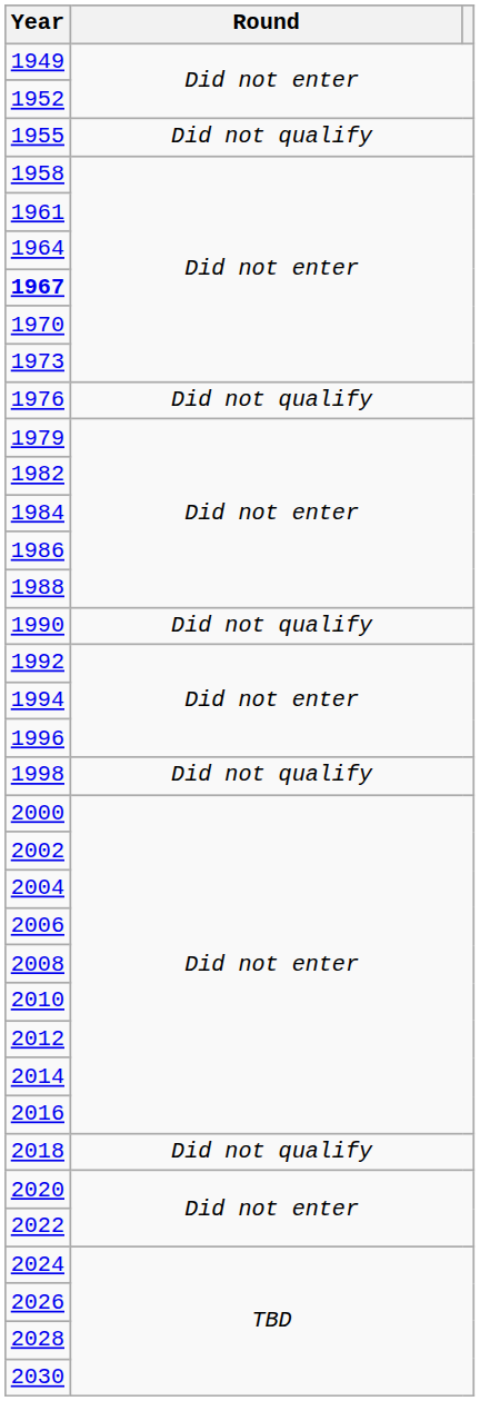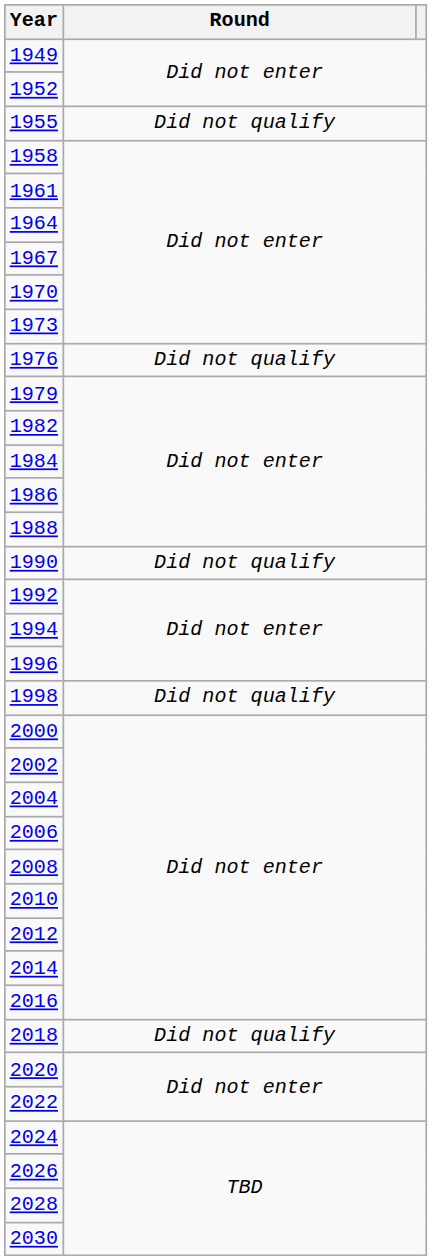 <table class="wikitable" style="text-align: center; font-size:90%">
 <tr>
 <th>Year</th>
 <th style="width:200px">Round</th>
 <th></th>
 </tr>
 <tr>
 <td><a href='#'>1949</a></td>
 <td colspan="2" rowspan="2"><em>Did not enter</em></td>
 </tr>
 <tr>
 <td><a href='#'>1952</a></td>
 </tr>
 <tr>
 <td><a href='#'>1955</a></td>
 <td colspan="2"><em>Did not qualify</em></td>
 </tr>
 <tr>
 <td><a href='#'>1958</a></td>
 <td colspan="2" rowspan="6"><em>Did not enter</em></td>
 </tr>
 <tr>
 <td><a href='#'>1961</a></td>
 </tr>
 <tr>
 <td><a href='#'>1964</a></td>
 </tr>
 <tr>
-<td><strong><a href='#'>1967</a></strong></td>
+<td><a href='#'>1967</a></td>
 </tr>
 <tr>
 <td><a href='#'>1970</a></td>
 </tr>
 <tr>
 <td><a href='#'>1973</a></td>
 </tr>
 <tr>
 <td><a href='#'>1976</a></td>
 <td colspan="2"><em>Did not qualify</em></td>
 </tr>
 <tr>
 <td><a href='#'>1979</a></td>
 <td colspan="2" rowspan="5"><em>Did not enter</em></td>
 </tr>
 <tr>
 <td><a href='#'>1982</a></td>
 </tr>
 <tr>
 <td><a href='#'>1984</a></td>
 </tr>
 <tr>
 <td><a href='#'>1986</a></td>
 </tr>
 <tr>
 <td><a href='#'>1988</a></td>
 </tr>
 <tr>
 <td><a href='#'>1990</a></td>
 <td colspan="2"><em>Did not qualify</em></td>
 </tr>
 <tr>
 <td><a href='#'>1992</a></td>
 <td colspan="2" rowspan="3"><em>Did not enter</em></td>
 </tr>
 <tr>
 <td><a href='#'>1994</a></td>
 </tr>
 <tr>
 <td><a href='#'>1996</a></td>
 </tr>
 <tr>
 <td><a href='#'>1998</a></td>
 <td colspan="2"><em>Did not qualify</em></td>
 </tr>
 <tr>
 <td><a href='#'>2000</a></td>
 <td colspan="2" rowspan="9"><em>Did not enter</em></td>
 </tr>
 <tr>
 <td><a href='#'>2002</a></td>
 </tr>
 <tr>
 <td><a href='#'>2004</a></td>
 </tr>
 <tr>
 <td><a href='#'>2006</a></td>
 </tr>
 <tr>
 <td><a href='#'>2008</a></td>
 </tr>
 <tr>
 <td><a href='#'>2010</a></td>
 </tr>
 <tr>
 <td><a href='#'>2012</a></td>
 </tr>
 <tr>
 <td><a href='#'>2014</a></td>
 </tr>
 <tr>
 <td><a href='#'>2016</a></td>
 </tr>
 <tr>
 <td><a href='#'>2018</a></td>
 <td colspan="2"><em>Did not qualify</em></td>
 </tr>
 <tr>
 <td><a href='#'>2020</a></td>
 <td colspan="2" rowspan="2"><em>Did not enter</em></td>
 </tr>
 <tr>
 <td><a href='#'>2022</a></td>
 </tr>
 <tr>
 <td><a href='#'>2024</a></td>
 <td colspan="2" rowspan="4"><em>TBD</em></td>
 </tr>
 <tr>
 <td><a href='#'>2026</a></td>
 </tr>
 <tr>
 <td><a href='#'>2028</a></td>
 </tr>
 <tr>
 <td><a href='#'>2030</a></td>
 </tr>
 </table>
